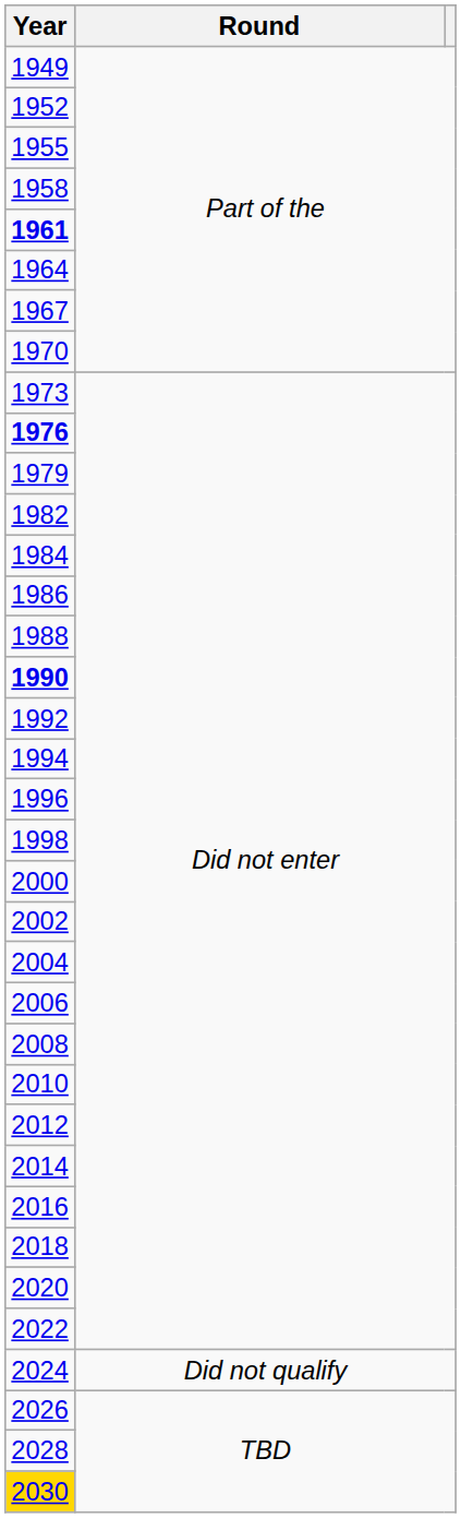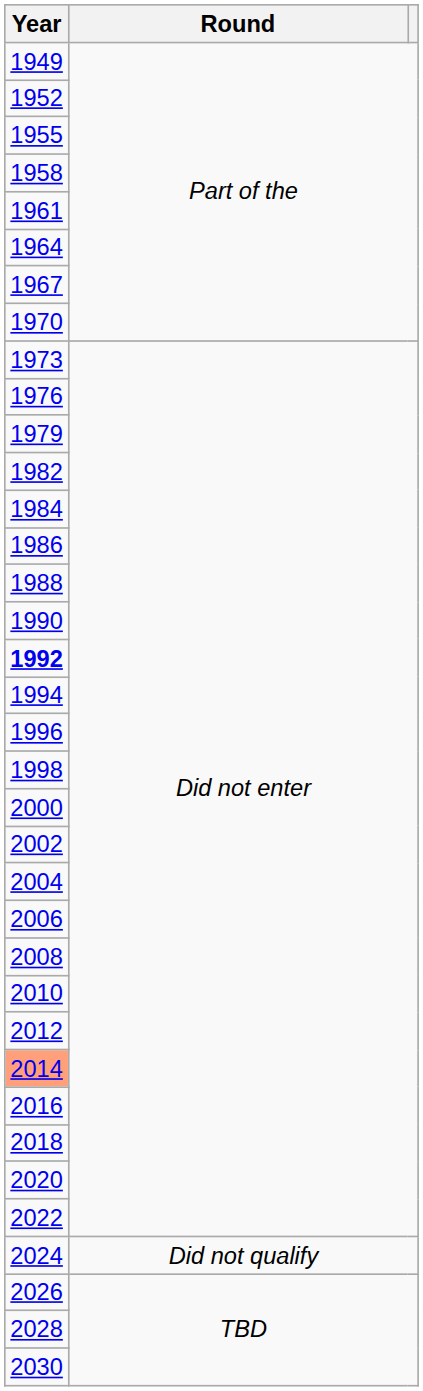 <table class="wikitable" style="text-align: center; font-size:90%">
 <tr>
 <th>Year</th>
 <th style="width:200px">Round</th>
 <th></th>
 </tr>
 <tr>
 <td><a href='#'>1949</a></td>
 <td colspan="2" rowspan="8"><em>Part of the </em></td>
 </tr>
 <tr>
 <td><a href='#'>1952</a></td>
 </tr>
 <tr>
 <td><a href='#'>1955</a></td>
 </tr>
 <tr>
 <td><a href='#'>1958</a></td>
 </tr>
 <tr>
-<td><strong><a href='#'>1961</a></strong></td>
+<td><a href='#'>1961</a></td>
 </tr>
 <tr>
 <td><a href='#'>1964</a></td>
 </tr>
 <tr>
 <td><a href='#'>1967</a></td>
 </tr>
 <tr>
 <td><a href='#'>1970</a></td>
 </tr>
 <tr>
 <td><a href='#'>1973</a></td>
 <td colspan="2" rowspan="24"><em>Did not enter</em></td>
 </tr>
 <tr>
-<td><strong><a href='#'>1976</a></strong></td>
+<td><a href='#'>1976</a></td>
 </tr>
 <tr>
 <td><a href='#'>1979</a></td>
 </tr>
 <tr>
 <td><a href='#'>1982</a></td>
 </tr>
 <tr>
 <td><a href='#'>1984</a></td>
 </tr>
 <tr>
 <td><a href='#'>1986</a></td>
 </tr>
 <tr>
 <td><a href='#'>1988</a></td>
 </tr>
 <tr>
-<td><strong><a href='#'>1990</a></strong></td>
+<td><a href='#'>1990</a></td>
 </tr>
 <tr>
-<td><a href='#'>1992</a></td>
+<td><strong><a href='#'>1992</a></strong></td>
 </tr>
 <tr>
 <td><a href='#'>1994</a></td>
 </tr>
 <tr>
 <td><a href='#'>1996</a></td>
 </tr>
 <tr>
 <td><a href='#'>1998</a></td>
 </tr>
 <tr>
 <td><a href='#'>2000</a></td>
 </tr>
 <tr>
 <td><a href='#'>2002</a></td>
 </tr>
 <tr>
 <td><a href='#'>2004</a></td>
 </tr>
 <tr>
 <td><a href='#'>2006</a></td>
 </tr>
 <tr>
 <td><a href='#'>2008</a></td>
 </tr>
 <tr>
 <td><a href='#'>2010</a></td>
 </tr>
 <tr>
 <td><a href='#'>2012</a></td>
 </tr>
 <tr>
-<td><a href='#'>2014</a></td>
+<td style="background: lightsalmon;"><a href='#'>2014</a></td>
 </tr>
 <tr>
 <td><a href='#'>2016</a></td>
 </tr>
 <tr>
 <td><a href='#'>2018</a></td>
 </tr>
 <tr>
 <td><a href='#'>2020</a></td>
 </tr>
 <tr>
 <td><a href='#'>2022</a></td>
 </tr>
 <tr>
 <td><a href='#'>2024</a></td>
 <td colspan="2" rowspan="1"><em>Did not qualify</em></td>
 </tr>
 <tr>
 <td><a href='#'>2026</a></td>
 <td colspan="2" rowspan="3"><em>TBD</em></td>
 </tr>
 <tr>
 <td><a href='#'>2028</a></td>
 </tr>
 <tr>
-<td style="background: gold;"><a href='#'>2030</a></td>
+<td><a href='#'>2030</a></td>
 </tr>
 </table>
